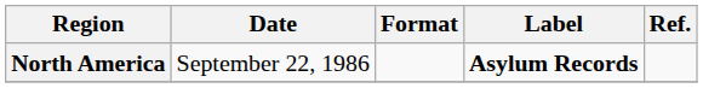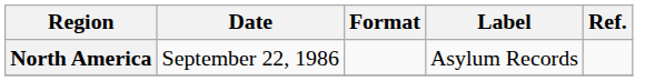 <table class="wikitable plainrowheaders">
 <tr>
 <th scope="col">Region</th>
 <th scope="col">Date</th>
 <th scope="col">Format</th>
 <th scope="col">Label</th>
 <th scope="col">Ref.</th>
 </tr>
 <tr>
 <th scope="row">North America</th>
 <td>September 22, 1986</td>
 <td></td>
-<td><strong>Asylum Records</strong></td>
+<td>Asylum Records</td>
 <td></td>
 </tr>
 <tr>
 </tr>
 </table>
